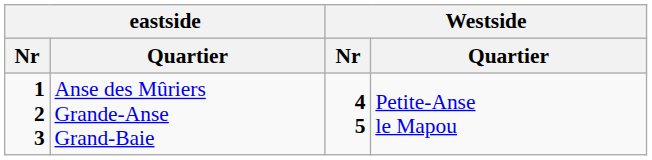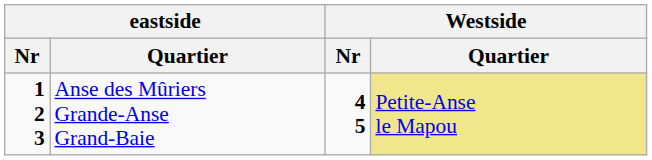 <table class="wikitable" style="width:480px;">
 <tr style="background:#fef6d2;"|>
 <th colspan="2" style="width:50%;">eastside</th>
 <th colspan="2">Westside</th>
 </tr>
 <tr style="background:#f7f7f7;"|>
 <th style="width:7%;">Nr</th>
 <th>Quartier</th>
 <th style="width:7%;">Nr</th>
 <th>Quartier</th>
 </tr>
 <tr>
 <td align=right><strong>1</strong><br><strong>2</strong><br><strong>3</strong></td>
 <td><a href='#'>Anse des Mûriers</a><br><a href='#'>Grande-Anse</a><br><a href='#'>Grand-Baie</a></td>
 <td align=right><strong>4</strong><br><strong>5</strong></td>
-<td><a href='#'>Petite-Anse</a><br><a href='#'>le Mapou</a></td>
+<td style="background: khaki;"><a href='#'>Petite-Anse</a><br><a href='#'>le Mapou</a></td>
 </tr>
 </table>
